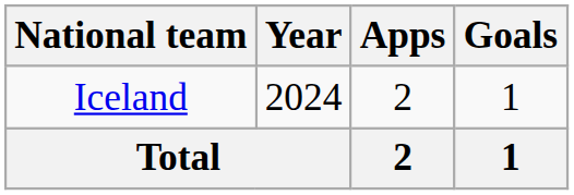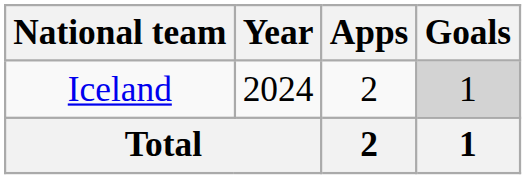 <table class="wikitable" style="text-align:center">
 <tr>
 <th>National team</th>
 <th>Year</th>
 <th>Apps</th>
 <th>Goals</th>
 </tr>
 <tr>
 <td><a href='#'>Iceland</a></td>
 <td>2024</td>
 <td>2</td>
-<td>1</td>
+<td style="background: lightgrey;">1</td>
 </tr>
 <tr>
 <th colspan="2">Total</th>
 <th>2</th>
 <th>1</th>
 </tr>
 </table>
